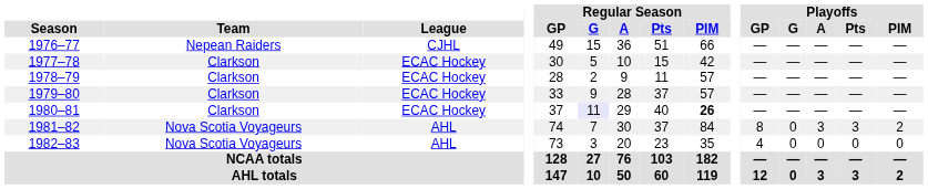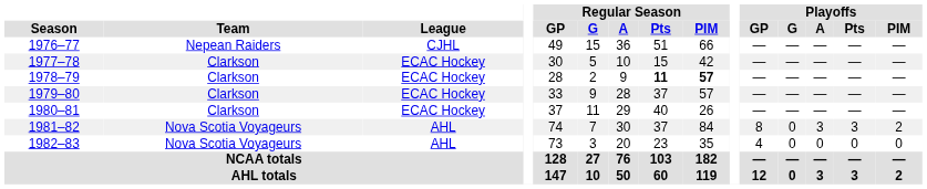 <table border="0" cellpadding="1" cellspacing="0" style="text-align:center; width:70em">
 <tr bgcolor="#e0e0e0">
 <th colspan="3"  bgcolor="#ffffff"> </th>
 <th rowspan="99" bgcolor="#ffffff"> </th>
 <th colspan="5">Regular Season</th>
 <th rowspan="99" bgcolor="#ffffff"> </th>
 <th colspan="5">Playoffs</th>
 </tr>
 <tr bgcolor="#e0e0e0">
 <th>Season</th>
 <th>Team</th>
 <th>League</th>
 <th>GP</th>
 <th><a href='#'>G</a></th>
 <th><a href='#'>A</a></th>
 <th><a href='#'>Pts</a></th>
 <th><a href='#'>PIM</a></th>
 <th>GP</th>
 <th>G</th>
 <th>A</th>
 <th>Pts</th>
 <th>PIM</th>
 </tr>
 <tr>
 <td><a href='#'>1976–77</a></td>
 <td><a href='#'>Nepean Raiders</a></td>
 <td><a href='#'>CJHL</a></td>
 <td>49</td>
 <td>15</td>
 <td>36</td>
 <td>51</td>
 <td>66</td>
 <td>—</td>
 <td>—</td>
 <td>—</td>
 <td>—</td>
 <td>—</td>
 </tr>
 <tr bgcolor="f0f0f0">
 <td><a href='#'>1977–78</a></td>
 <td><a href='#'>Clarkson</a></td>
 <td><a href='#'>ECAC Hockey</a></td>
 <td>30</td>
 <td>5</td>
 <td>10</td>
 <td>15</td>
 <td>42</td>
 <td>—</td>
 <td>—</td>
 <td>—</td>
 <td>—</td>
 <td>—</td>
 </tr>
 <tr>
 <td><a href='#'>1978–79</a></td>
 <td><a href='#'>Clarkson</a></td>
 <td><a href='#'>ECAC Hockey</a></td>
 <td>28</td>
 <td>2</td>
 <td>9</td>
-<td>11</td>
-<td>57</td>
+<td><strong>11</strong></td>
+<td><strong>57</strong></td>
 <td>—</td>
 <td>—</td>
 <td>—</td>
 <td>—</td>
 <td>—</td>
 </tr>
 <tr bgcolor="f0f0f0">
 <td><a href='#'>1979–80</a></td>
 <td><a href='#'>Clarkson</a></td>
 <td><a href='#'>ECAC Hockey</a></td>
 <td>33</td>
 <td>9</td>
 <td>28</td>
 <td>37</td>
 <td>57</td>
 <td>—</td>
 <td>—</td>
 <td>—</td>
 <td>—</td>
 <td>—</td>
 </tr>
 <tr>
 <td><a href='#'>1980–81</a></td>
 <td><a href='#'>Clarkson</a></td>
 <td><a href='#'>ECAC Hockey</a></td>
 <td>37</td>
-<td style="background: lavender;">11</td>
+<td>11</td>
 <td>29</td>
 <td>40</td>
-<td><strong>26</strong></td>
+<td>26</td>
 <td>—</td>
 <td>—</td>
 <td>—</td>
 <td>—</td>
 <td>—</td>
 </tr>
 <tr bgcolor="f0f0f0">
 <td><a href='#'>1981–82</a></td>
 <td><a href='#'>Nova Scotia Voyageurs</a></td>
 <td><a href='#'>AHL</a></td>
 <td>74</td>
 <td>7</td>
 <td>30</td>
 <td>37</td>
 <td>84</td>
 <td>8</td>
 <td>0</td>
 <td>3</td>
 <td>3</td>
 <td>2</td>
 </tr>
 <tr>
 <td><a href='#'>1982–83</a></td>
 <td><a href='#'>Nova Scotia Voyageurs</a></td>
 <td><a href='#'>AHL</a></td>
 <td>73</td>
 <td>3</td>
 <td>20</td>
 <td>23</td>
 <td>35</td>
 <td>4</td>
 <td>0</td>
 <td>0</td>
 <td>0</td>
 <td>0</td>
 </tr>
 <tr bgcolor="#e0e0e0">
 <th colspan="3">NCAA totals</th>
 <th>128</th>
 <th>27</th>
 <th>76</th>
 <th>103</th>
 <th>182</th>
 <th>—</th>
 <th>—</th>
 <th>—</th>
 <th>—</th>
 <th>—</th>
 </tr>
 <tr bgcolor="#e0e0e0">
 <th colspan="3">AHL totals</th>
 <th>147</th>
 <th>10</th>
 <th>50</th>
 <th>60</th>
 <th>119</th>
 <th>12</th>
 <th>0</th>
 <th>3</th>
 <th>3</th>
 <th>2</th>
 </tr>
 </table>
